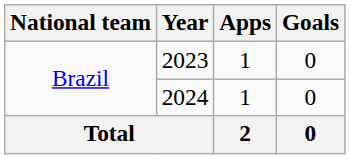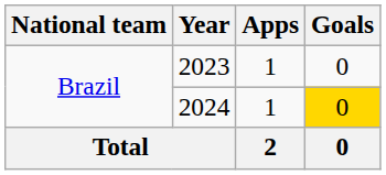 <table class="wikitable" style="text-align:center">
 <tr>
 <th>National team</th>
 <th>Year</th>
 <th>Apps</th>
 <th>Goals</th>
 </tr>
 <tr>
 <td rowspan="2"><a href='#'>Brazil</a></td>
 <td>2023</td>
 <td>1</td>
 <td>0</td>
 </tr>
 <tr>
 <td>2024</td>
 <td>1</td>
-<td>0</td>
+<td style="background: gold;">0</td>
 </tr>
 <tr>
 <th colspan="2">Total</th>
 <th>2</th>
 <th>0</th>
 </tr>
 </table>
